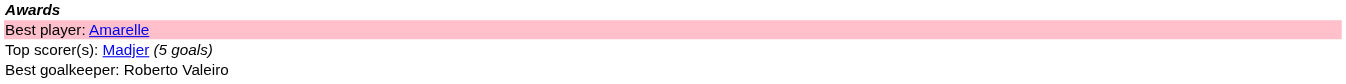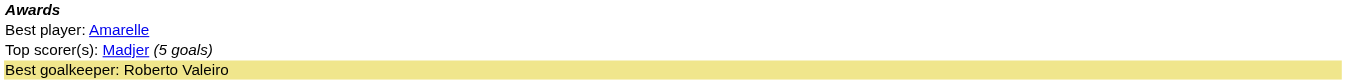 <table width=100% cellspacing=1 style="font-size: 90%;">
 <tr>
 <td><strong><em>Awards</em></strong></td>
 </tr>
 <tr>
-<td style="background: pink;">Best player:  <a href='#'>Amarelle</a></td>
+<td>Best player:  <a href='#'>Amarelle</a></td>
 </tr>
 <tr>
 <td colspan=4>Top scorer(s):  <a href='#'>Madjer</a> <em>(5 goals)</em></td>
 </tr>
 <tr>
-<td>Best goalkeeper:  Roberto Valeiro</td>
+<td style="background: khaki;">Best goalkeeper:  Roberto Valeiro</td>
 </tr>
 </table>
